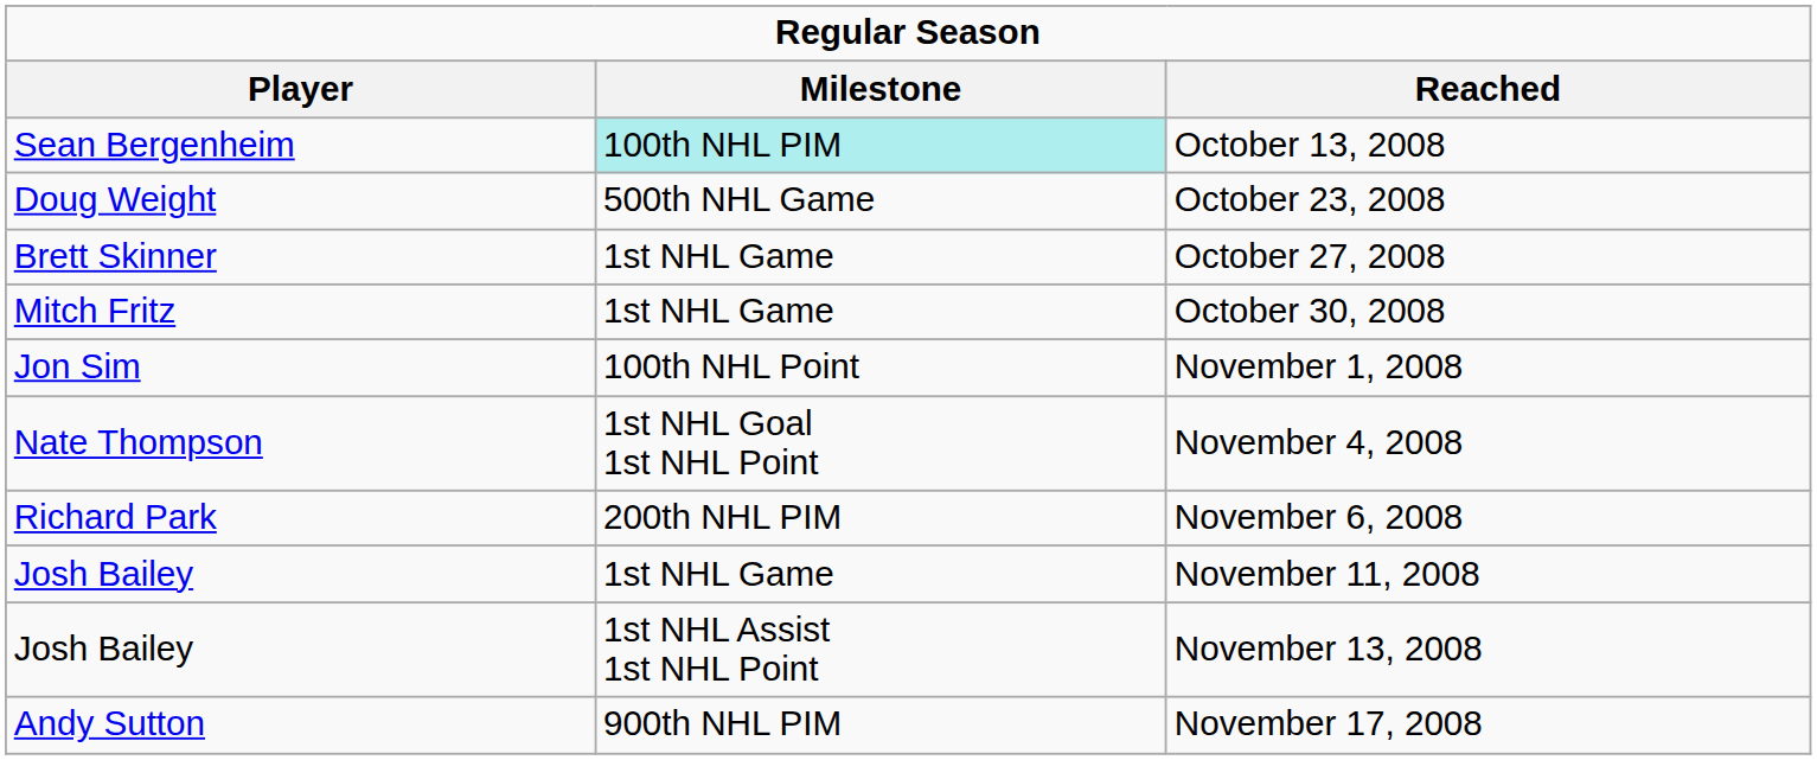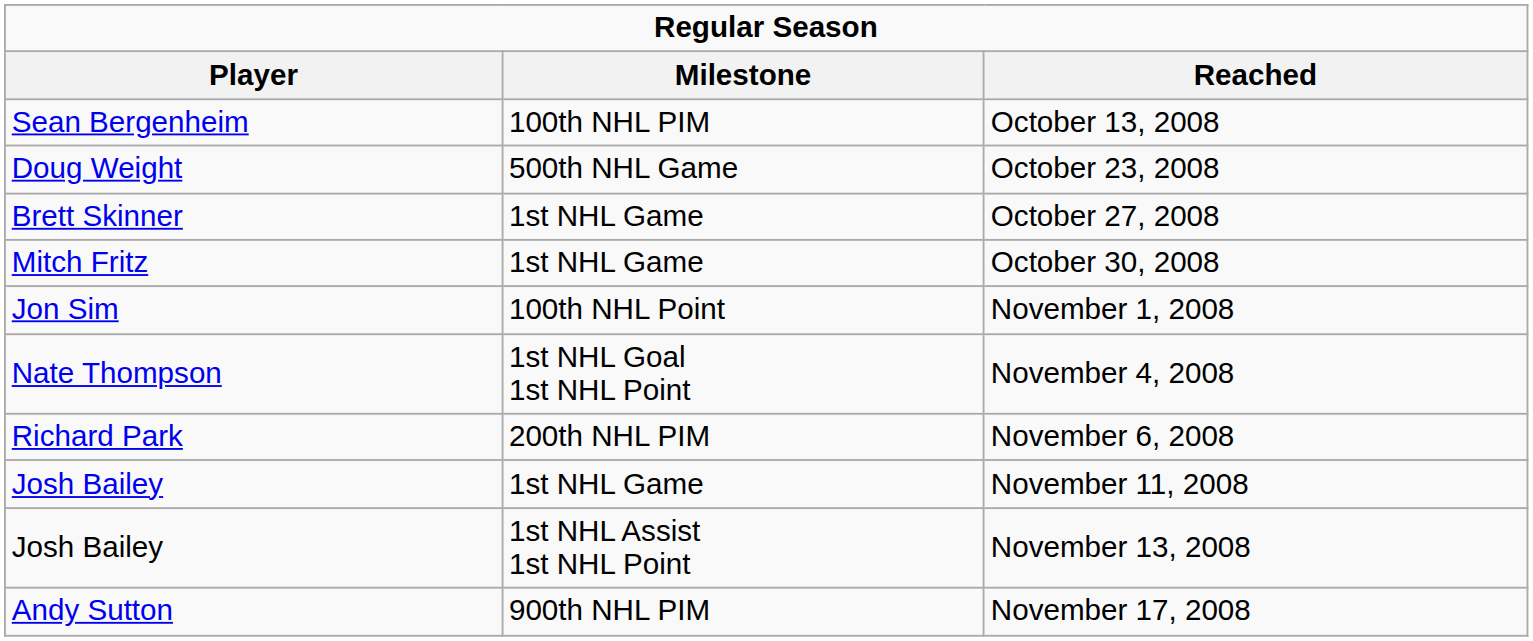 <table class="wikitable" width="52%">
 <tr>
 <td colspan="10" align="center"><strong>Regular Season</strong></td>
 </tr>
 <tr>
 <th>Player</th>
 <th>Milestone</th>
 <th>Reached</th>
 </tr>
 <tr>
 <td><a href='#'>Sean Bergenheim</a></td>
-<td style="background: paleturquoise;">100th NHL PIM</td>
+<td>100th NHL PIM</td>
 <td>October 13, 2008</td>
 </tr>
 <tr>
 <td><a href='#'>Doug Weight</a></td>
 <td>500th NHL Game</td>
 <td>October 23, 2008</td>
 </tr>
 <tr>
 <td><a href='#'>Brett Skinner</a></td>
 <td>1st NHL Game</td>
 <td>October 27, 2008</td>
 </tr>
 <tr>
 <td><a href='#'>Mitch Fritz</a></td>
 <td>1st NHL Game</td>
 <td>October 30, 2008</td>
 </tr>
 <tr>
 <td><a href='#'>Jon Sim</a></td>
 <td>100th NHL Point</td>
 <td>November 1, 2008</td>
 </tr>
 <tr>
 <td><a href='#'>Nate Thompson</a></td>
 <td>1st NHL Goal<br>1st NHL Point</td>
 <td>November 4, 2008</td>
 </tr>
 <tr>
 <td><a href='#'>Richard Park</a></td>
 <td>200th NHL PIM</td>
 <td>November 6, 2008</td>
 </tr>
 <tr>
 <td><a href='#'>Josh Bailey</a></td>
 <td>1st NHL Game</td>
 <td>November 11, 2008</td>
 </tr>
 <tr>
 <td>Josh Bailey</td>
 <td>1st NHL Assist<br>1st NHL Point</td>
 <td>November 13, 2008</td>
 </tr>
 <tr>
 <td><a href='#'>Andy Sutton</a></td>
 <td>900th NHL PIM</td>
 <td>November 17, 2008</td>
 </tr>
 </table>
